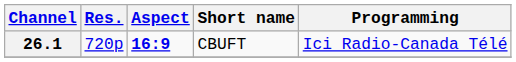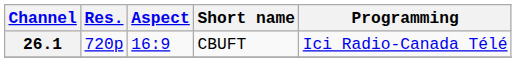 <table class="wikitable">
 <tr>
 <th><a href='#'>Channel</a></th>
 <th><a href='#'>Res.</a></th>
 <th><a href='#'>Aspect</a></th>
 <th>Short name</th>
 <th>Programming</th>
 </tr>
 <tr>
 <th scope = "row">26.1</th>
 <td><a href='#'>720p</a></td>
-<td><strong><a href='#'>16:9</a></strong></td>
+<td><a href='#'>16:9</a></td>
 <td>CBUFT</td>
 <td><a href='#'>Ici Radio-Canada Télé</a></td>
 </tr>
 <tr>
 </tr>
 </table>
